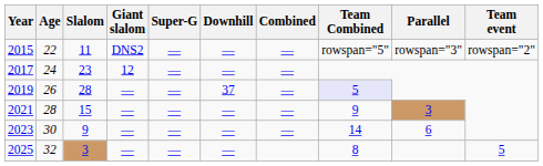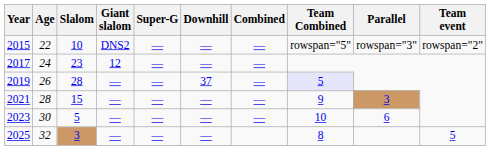 <table class=wikitable style="text-align:center">
 <tr>
 <th>Year</th>
 <th>Age</th>
 <th>Slalom</th>
 <th>Giant<br>slalom</th>
 <th>Super-G</th>
 <th>Downhill</th>
 <th>Combined</th>
 <th>Team<br>Combined</th>
 <th>Parallel</th>
 <th>Team<br> event </th>
 </tr>
 <tr>
 <td><a href='#'>2015</a></td>
 <td><em>22</em></td>
-<td><a href='#'>11</a></td>
+<td><a href='#'>10</a></td>
 <td><a href='#'>DNS2</a></td>
 <td><a href='#'>—</a></td>
 <td><a href='#'>—</a></td>
 <td><a href='#'>—</a></td>
 <td>rowspan="5" </td>
 <td>rowspan="3" </td>
 <td>rowspan="2" </td>
 </tr>
 <tr>
 <td><a href='#'>2017</a></td>
 <td><em>24</em></td>
 <td><a href='#'>23</a></td>
 <td><a href='#'>12</a></td>
 <td><a href='#'>—</a></td>
 <td><a href='#'>—</a></td>
 <td><a href='#'>—</a></td>
 </tr>
 <tr>
 <td><a href='#'>2019</a></td>
 <td><em>26</em></td>
 <td><a href='#'>28</a></td>
 <td><a href='#'>—</a></td>
 <td><a href='#'>—</a></td>
 <td><a href='#'>37</a></td>
 <td><a href='#'>—</a></td>
 <td style="background: lavender;"><a href='#'>5</a></td>
 </tr>
 <tr>
 <td><a href='#'>2021</a></td>
 <td><em>28</em></td>
 <td><a href='#'>15</a></td>
 <td><a href='#'>—</a></td>
 <td><a href='#'>—</a></td>
 <td><a href='#'>—</a></td>
 <td><a href='#'>—</a></td>
 <td><a href='#'>9</a></td>
 <td bgcolor="#c96"><a href='#'>3</a></td>
 </tr>
 <tr>
 <td><a href='#'>2023</a></td>
 <td><em>30</em></td>
-<td><a href='#'>9</a></td>
+<td><a href='#'>5</a></td>
 <td><a href='#'>—</a></td>
 <td><a href='#'>—</a></td>
 <td><a href='#'>—</a></td>
 <td><a href='#'>—</a></td>
-<td><a href='#'>14</a></td>
+<td><a href='#'>10</a></td>
 <td><a href='#'>6</a></td>
 </tr>
 <tr>
 <td><a href='#'>2025</a></td>
 <td><em>32</em></td>
 <td bgcolor="#c96"><a href='#'>3</a></td>
 <td><a href='#'>—</a></td>
 <td><a href='#'>—</a></td>
 <td><a href='#'>—</a></td>
 <td></td>
 <td><a href='#'>8</a></td>
 <td></td>
 <td><a href='#'>5</a></td>
 </tr>
 </table>
